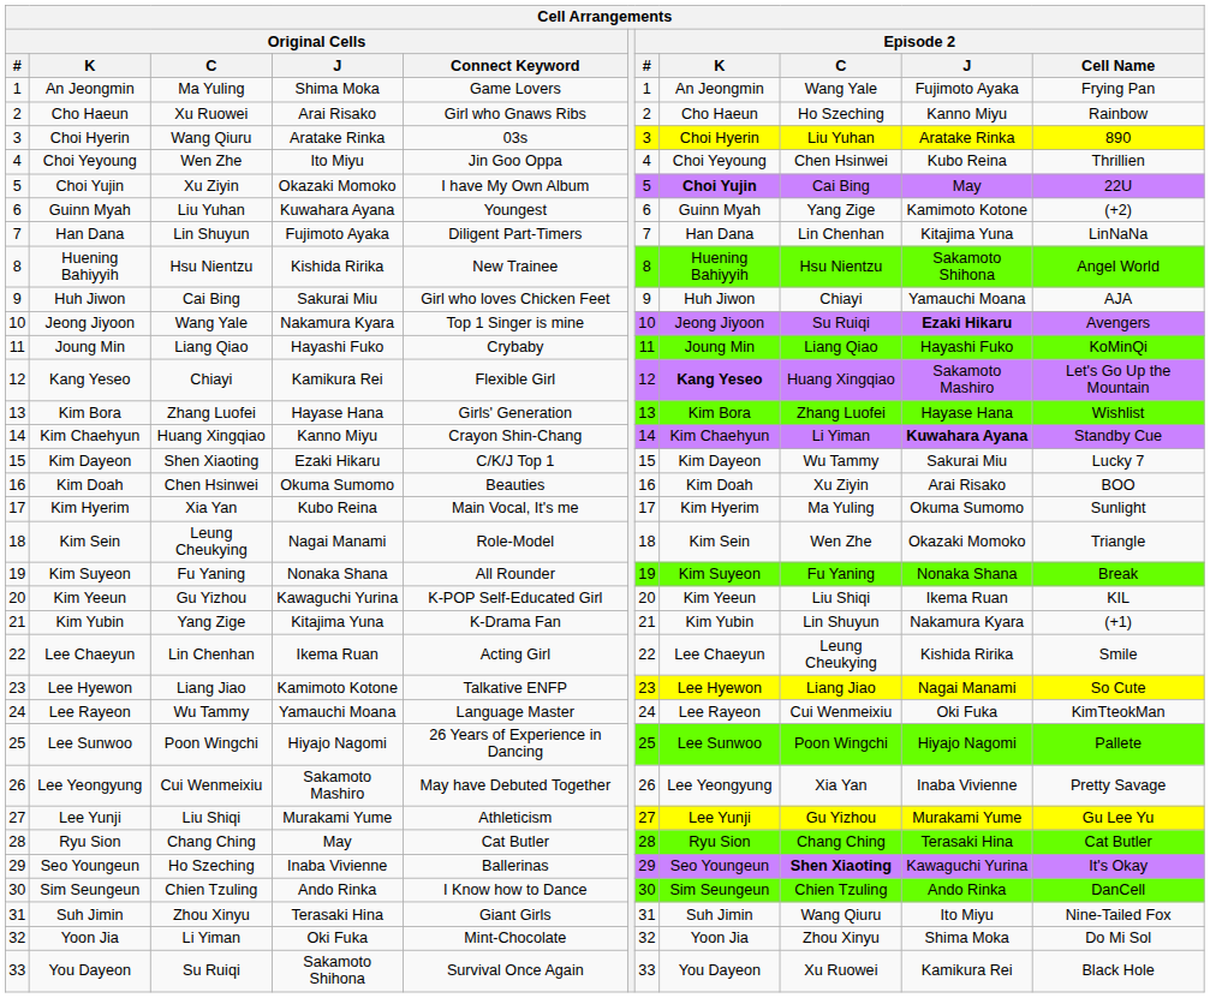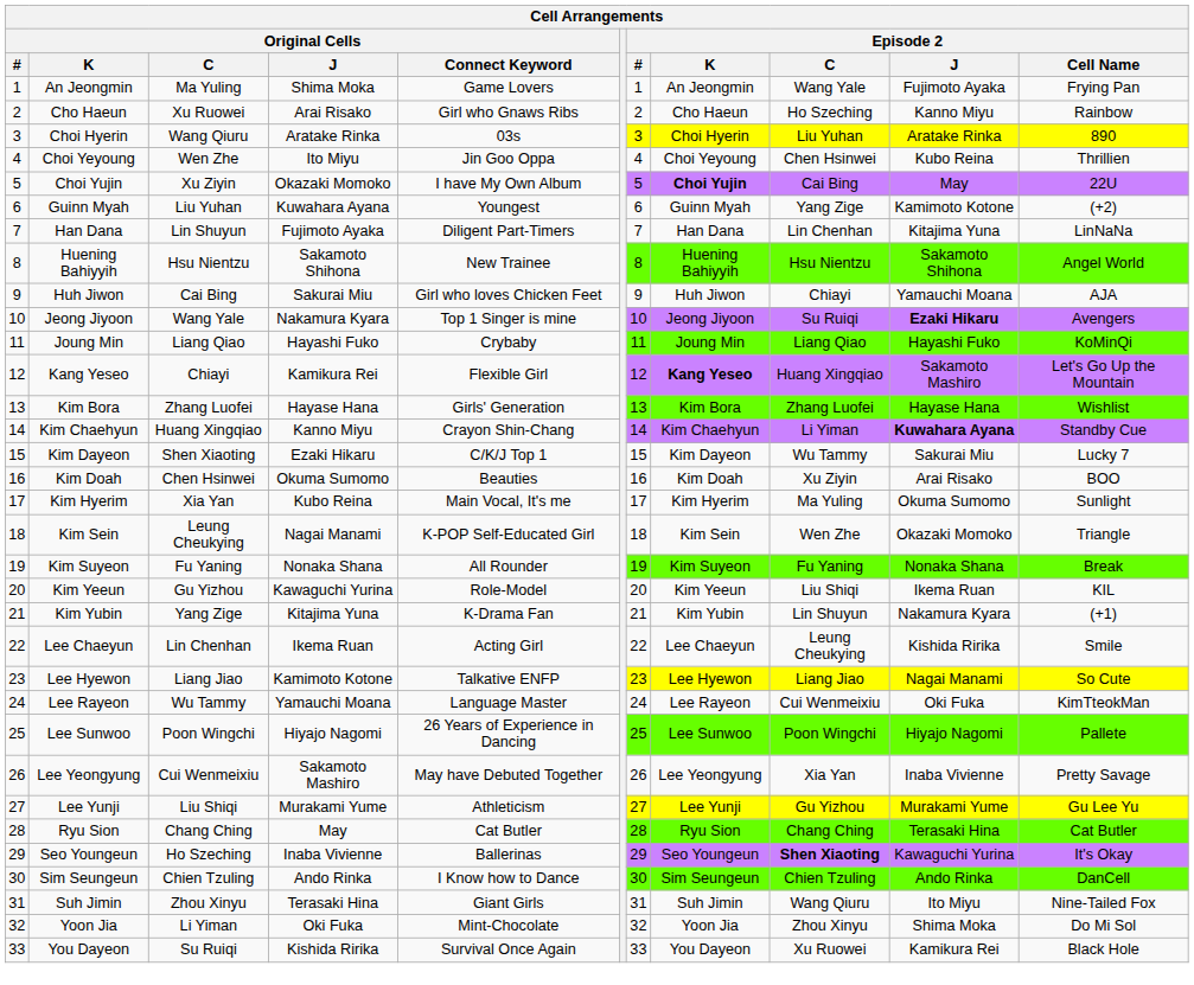 <table class="wikitable collapsible" style="width:100%; text-align:center">
 <tr>
 <th colspan="11">Cell Arrangements</th>
 </tr>
 <tr>
 <th colspan="5">Original Cells</th>
 <th rowspan="35"></th>
 <th colspan="5">Episode 2</th>
 </tr>
 <tr>
 <th>#</th>
 <th>K</th>
 <th>C</th>
 <th>J</th>
 <th>Connect Keyword</th>
 <th>#</th>
 <th>K</th>
 <th>C</th>
 <th>J</th>
 <th>Cell Name</th>
 </tr>
 <tr>
 <td>1</td>
 <td>An Jeongmin</td>
 <td>Ma Yuling</td>
 <td>Shima Moka</td>
 <td>Game Lovers</td>
 <td>1</td>
 <td>An Jeongmin</td>
 <td>Wang Yale</td>
 <td>Fujimoto Ayaka</td>
 <td>Frying Pan</td>
 </tr>
 <tr>
 <td>2</td>
 <td>Cho Haeun</td>
 <td>Xu Ruowei</td>
 <td>Arai Risako</td>
 <td>Girl who Gnaws Ribs</td>
 <td>2</td>
 <td>Cho Haeun</td>
 <td>Ho Szeching</td>
 <td>Kanno Miyu</td>
 <td>Rainbow</td>
 </tr>
 <tr>
 <td>3</td>
 <td>Choi Hyerin</td>
 <td>Wang Qiuru</td>
 <td>Aratake Rinka</td>
 <td>03s</td>
 <td style="background:#FFFF00;">3</td>
 <td style="background:#FFFF00;">Choi Hyerin</td>
 <td style="background:#FFFF00;">Liu Yuhan</td>
 <td style="background:#FFFF00;">Aratake Rinka</td>
 <td style="background:#FFFF00;">890</td>
 </tr>
 <tr>
 <td>4</td>
 <td>Choi Yeyoung</td>
 <td>Wen Zhe</td>
 <td>Ito Miyu</td>
 <td>Jin Goo Oppa</td>
 <td>4</td>
 <td>Choi Yeyoung</td>
 <td>Chen Hsinwei</td>
 <td>Kubo Reina</td>
 <td>Thrillien</td>
 </tr>
 <tr>
 <td>5</td>
 <td>Choi Yujin</td>
 <td>Xu Ziyin</td>
 <td>Okazaki Momoko</td>
 <td>I have My Own Album</td>
 <td style="background:#CA82FF;">5</td>
 <td style="background:#CA82FF;"><strong>Choi Yujin</strong></td>
 <td style="background:#CA82FF;">Cai Bing</td>
 <td style="background:#CA82FF;">May</td>
 <td style="background:#CA82FF;">22U</td>
 </tr>
 <tr>
 <td>6</td>
 <td>Guinn Myah</td>
 <td>Liu Yuhan</td>
 <td>Kuwahara Ayana</td>
 <td>Youngest</td>
 <td>6</td>
 <td>Guinn Myah</td>
 <td>Yang Zige</td>
 <td>Kamimoto Kotone</td>
 <td>(+2)</td>
 </tr>
 <tr>
 <td>7</td>
 <td>Han Dana</td>
 <td>Lin Shuyun</td>
 <td>Fujimoto Ayaka</td>
 <td>Diligent Part-Timers</td>
 <td>7</td>
 <td>Han Dana</td>
 <td>Lin Chenhan</td>
 <td>Kitajima Yuna</td>
 <td>LinNaNa</td>
 </tr>
 <tr>
 <td>8</td>
 <td>Huening Bahiyyih</td>
 <td>Hsu Nientzu</td>
-<td>Kishida Ririka</td>
+<td>Sakamoto Shihona</td>
 <td>New Trainee</td>
 <td style="background:#66FF00;">8</td>
 <td style="background:#66FF00;">Huening Bahiyyih</td>
 <td style="background:#66FF00;">Hsu Nientzu</td>
 <td style="background:#66FF00;">Sakamoto Shihona</td>
 <td style="background:#66FF00;">Angel World</td>
 </tr>
 <tr>
 <td>9</td>
 <td>Huh Jiwon</td>
 <td>Cai Bing</td>
 <td>Sakurai Miu</td>
 <td>Girl who loves Chicken Feet</td>
 <td>9</td>
 <td>Huh Jiwon</td>
 <td>Chiayi</td>
 <td>Yamauchi Moana</td>
 <td>AJA</td>
 </tr>
 <tr>
 <td>10</td>
 <td>Jeong Jiyoon</td>
 <td>Wang Yale</td>
 <td>Nakamura Kyara</td>
 <td>Top 1 Singer is mine</td>
 <td style="background:#CA82FF;">10</td>
 <td style="background:#CA82FF;">Jeong Jiyoon</td>
 <td style="background:#CA82FF;">Su Ruiqi</td>
 <td style="background:#CA82FF;"><strong>Ezaki Hikaru</strong></td>
 <td style="background:#CA82FF;">Avengers</td>
 </tr>
 <tr>
 <td>11</td>
 <td>Joung Min</td>
 <td>Liang Qiao</td>
 <td>Hayashi Fuko</td>
 <td>Crybaby</td>
 <td style="background:#66FF00;">11</td>
 <td style="background:#66FF00;">Joung Min</td>
 <td style="background:#66FF00;">Liang Qiao</td>
 <td style="background:#66FF00;">Hayashi Fuko</td>
 <td style="background:#66FF00;">KoMinQi</td>
 </tr>
 <tr>
 <td>12</td>
 <td>Kang Yeseo</td>
 <td>Chiayi</td>
 <td>Kamikura Rei</td>
 <td>Flexible Girl</td>
 <td style="background:#CA82FF;">12</td>
 <td style="background:#CA82FF;"><strong>Kang Yeseo</strong></td>
 <td style="background:#CA82FF;">Huang Xingqiao</td>
 <td style="background:#CA82FF;">Sakamoto Mashiro</td>
 <td style="background:#CA82FF;">Let's Go Up the Mountain</td>
 </tr>
 <tr>
 <td>13</td>
 <td>Kim Bora</td>
 <td>Zhang Luofei</td>
 <td>Hayase Hana</td>
 <td>Girls' Generation</td>
 <td style="background:#66FF00;">13</td>
 <td style="background:#66FF00;">Kim Bora</td>
 <td style="background:#66FF00;">Zhang Luofei</td>
 <td style="background:#66FF00;">Hayase Hana</td>
 <td style="background:#66FF00;">Wishlist</td>
 </tr>
 <tr>
 <td>14</td>
 <td>Kim Chaehyun</td>
 <td>Huang Xingqiao</td>
 <td>Kanno Miyu</td>
 <td>Crayon Shin-Chang</td>
 <td style="background:#CA82FF;">14</td>
 <td style="background:#CA82FF;">Kim Chaehyun</td>
 <td style="background:#CA82FF;">Li Yiman</td>
 <td style="background:#CA82FF;"><strong>Kuwahara Ayana</strong></td>
 <td style="background:#CA82FF;">Standby Cue</td>
 </tr>
 <tr>
 <td>15</td>
 <td>Kim Dayeon</td>
 <td>Shen Xiaoting</td>
 <td>Ezaki Hikaru</td>
 <td>C/K/J Top 1</td>
 <td>15</td>
 <td>Kim Dayeon</td>
 <td>Wu Tammy</td>
 <td>Sakurai Miu</td>
 <td>Lucky 7</td>
 </tr>
 <tr>
 <td>16</td>
 <td>Kim Doah</td>
 <td>Chen Hsinwei</td>
 <td>Okuma Sumomo</td>
 <td>Beauties</td>
 <td>16</td>
 <td>Kim Doah</td>
 <td>Xu Ziyin</td>
 <td>Arai Risako</td>
 <td>BOO</td>
 </tr>
 <tr>
 <td>17</td>
 <td>Kim Hyerim</td>
 <td>Xia Yan</td>
 <td>Kubo Reina</td>
 <td>Main Vocal, It's me</td>
 <td>17</td>
 <td>Kim Hyerim</td>
 <td>Ma Yuling</td>
 <td>Okuma Sumomo</td>
 <td>Sunlight</td>
 </tr>
 <tr>
 <td>18</td>
 <td>Kim Sein</td>
 <td>Leung Cheukying</td>
 <td>Nagai Manami</td>
-<td>Role-Model</td>
+<td>K-POP Self-Educated Girl</td>
 <td>18</td>
 <td>Kim Sein</td>
 <td>Wen Zhe</td>
 <td>Okazaki Momoko</td>
 <td>Triangle</td>
 </tr>
 <tr>
 <td>19</td>
 <td>Kim Suyeon</td>
 <td>Fu Yaning</td>
 <td>Nonaka Shana</td>
 <td>All Rounder</td>
 <td style="background:#66FF00;">19</td>
 <td style="background:#66FF00;">Kim Suyeon</td>
 <td style="background:#66FF00;">Fu Yaning</td>
 <td style="background:#66FF00;">Nonaka Shana</td>
 <td style="background:#66FF00;">Break</td>
 </tr>
 <tr>
 <td>20</td>
 <td>Kim Yeeun</td>
 <td>Gu Yizhou</td>
 <td>Kawaguchi Yurina</td>
-<td>K-POP Self-Educated Girl</td>
+<td>Role-Model</td>
 <td>20</td>
 <td>Kim Yeeun</td>
 <td>Liu Shiqi</td>
 <td>Ikema Ruan</td>
 <td>KIL</td>
 </tr>
 <tr>
 <td>21</td>
 <td>Kim Yubin</td>
 <td>Yang Zige</td>
 <td>Kitajima Yuna</td>
 <td>K-Drama Fan</td>
 <td>21</td>
 <td>Kim Yubin</td>
 <td>Lin Shuyun</td>
 <td>Nakamura Kyara</td>
 <td>(+1)</td>
 </tr>
 <tr>
 <td>22</td>
 <td>Lee Chaeyun</td>
 <td>Lin Chenhan</td>
 <td>Ikema Ruan</td>
 <td>Acting Girl</td>
 <td>22</td>
 <td>Lee Chaeyun</td>
 <td>Leung Cheukying</td>
 <td>Kishida Ririka</td>
 <td>Smile</td>
 </tr>
 <tr>
 <td>23</td>
 <td>Lee Hyewon</td>
 <td>Liang Jiao</td>
 <td>Kamimoto Kotone</td>
 <td>Talkative ENFP</td>
 <td style="background:#FFFF00;">23</td>
 <td style="background:#FFFF00;">Lee Hyewon</td>
 <td style="background:#FFFF00;">Liang Jiao</td>
 <td style="background:#FFFF00;">Nagai Manami</td>
 <td style="background:#FFFF00;">So Cute</td>
 </tr>
 <tr>
 <td>24</td>
 <td>Lee Rayeon</td>
 <td>Wu Tammy</td>
 <td>Yamauchi Moana</td>
 <td>Language Master</td>
 <td>24</td>
 <td>Lee Rayeon</td>
 <td>Cui Wenmeixiu</td>
 <td>Oki Fuka</td>
 <td>KimTteokMan</td>
 </tr>
 <tr>
 <td>25</td>
 <td>Lee Sunwoo</td>
 <td>Poon Wingchi</td>
 <td>Hiyajo Nagomi</td>
 <td>26 Years of Experience in Dancing</td>
 <td style="background:#66FF00;">25</td>
 <td style="background:#66FF00;">Lee Sunwoo</td>
 <td style="background:#66FF00;">Poon Wingchi</td>
 <td style="background:#66FF00;">Hiyajo Nagomi</td>
 <td style="background:#66FF00;">Pallete</td>
 </tr>
 <tr>
 <td>26</td>
 <td>Lee Yeongyung</td>
 <td>Cui Wenmeixiu</td>
 <td>Sakamoto Mashiro</td>
 <td>May have Debuted Together</td>
 <td>26</td>
 <td>Lee Yeongyung</td>
 <td>Xia Yan</td>
 <td>Inaba Vivienne</td>
 <td>Pretty Savage</td>
 </tr>
 <tr>
 <td>27</td>
 <td>Lee Yunji</td>
 <td>Liu Shiqi</td>
 <td>Murakami Yume</td>
 <td>Athleticism</td>
 <td style="background:#FFFF00;">27</td>
 <td style="background:#FFFF00;">Lee Yunji</td>
 <td style="background:#FFFF00;">Gu Yizhou</td>
 <td style="background:#FFFF00;">Murakami Yume</td>
 <td style="background:#FFFF00;">Gu Lee Yu</td>
 </tr>
 <tr>
 <td>28</td>
 <td>Ryu Sion</td>
 <td>Chang Ching</td>
 <td>May</td>
 <td>Cat Butler</td>
 <td style="background:#66FF00;">28</td>
 <td style="background:#66FF00;">Ryu Sion</td>
 <td style="background:#66FF00;">Chang Ching</td>
 <td style="background:#66FF00;">Terasaki Hina</td>
 <td style="background:#66FF00;">Cat Butler</td>
 </tr>
 <tr>
 <td>29</td>
 <td>Seo Youngeun</td>
 <td>Ho Szeching</td>
 <td>Inaba Vivienne</td>
 <td>Ballerinas</td>
 <td style="background:#CA82FF;">29</td>
 <td style="background:#CA82FF;">Seo Youngeun</td>
 <td style="background:#CA82FF;"><strong>Shen Xiaoting</strong></td>
 <td style="background:#CA82FF;">Kawaguchi Yurina</td>
 <td style="background:#CA82FF;">It's Okay</td>
 </tr>
 <tr>
 <td>30</td>
 <td>Sim Seungeun</td>
 <td>Chien Tzuling</td>
 <td>Ando Rinka</td>
 <td>I Know how to Dance</td>
 <td style="background:#66FF00;">30</td>
 <td style="background:#66FF00;">Sim Seungeun</td>
 <td style="background:#66FF00;">Chien Tzuling</td>
 <td style="background:#66FF00;">Ando Rinka</td>
 <td style="background:#66FF00;">DanCell</td>
 </tr>
 <tr>
 <td>31</td>
 <td>Suh Jimin</td>
 <td>Zhou Xinyu</td>
 <td>Terasaki Hina</td>
 <td>Giant Girls</td>
 <td>31</td>
 <td>Suh Jimin</td>
 <td>Wang Qiuru</td>
 <td>Ito Miyu</td>
 <td>Nine-Tailed Fox</td>
 </tr>
 <tr>
 <td>32</td>
 <td>Yoon Jia</td>
 <td>Li Yiman</td>
 <td>Oki Fuka</td>
 <td>Mint-Chocolate</td>
 <td>32</td>
 <td>Yoon Jia</td>
 <td>Zhou Xinyu</td>
 <td>Shima Moka</td>
 <td>Do Mi Sol</td>
 </tr>
 <tr>
 <td>33</td>
 <td>You Dayeon</td>
 <td>Su Ruiqi</td>
-<td>Sakamoto Shihona</td>
+<td>Kishida Ririka</td>
 <td>Survival Once Again</td>
 <td>33</td>
 <td>You Dayeon</td>
 <td>Xu Ruowei</td>
 <td>Kamikura Rei</td>
 <td>Black Hole</td>
 </tr>
 </table>
